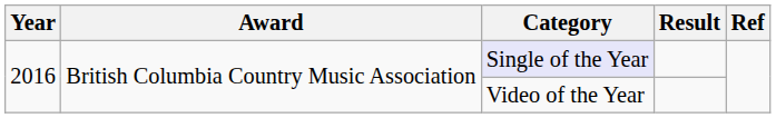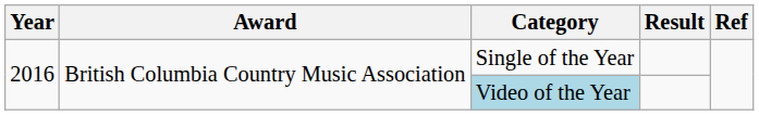 <table class="wikitable">
 <tr>
 <th>Year</th>
 <th>Award</th>
 <th>Category</th>
 <th>Result</th>
 <th>Ref</th>
 </tr>
 <tr>
 <td rowspan="2">2016</td>
 <td rowspan="2">British Columbia Country Music Association</td>
-<td style="background: lavender;">Single of the Year</td>
+<td>Single of the Year</td>
 <td></td>
 <td rowspan="2"></td>
 </tr>
 <tr>
-<td>Video of the Year</td>
+<td style="background: lightblue;">Video of the Year</td>
 <td></td>
 </tr>
 </table>
